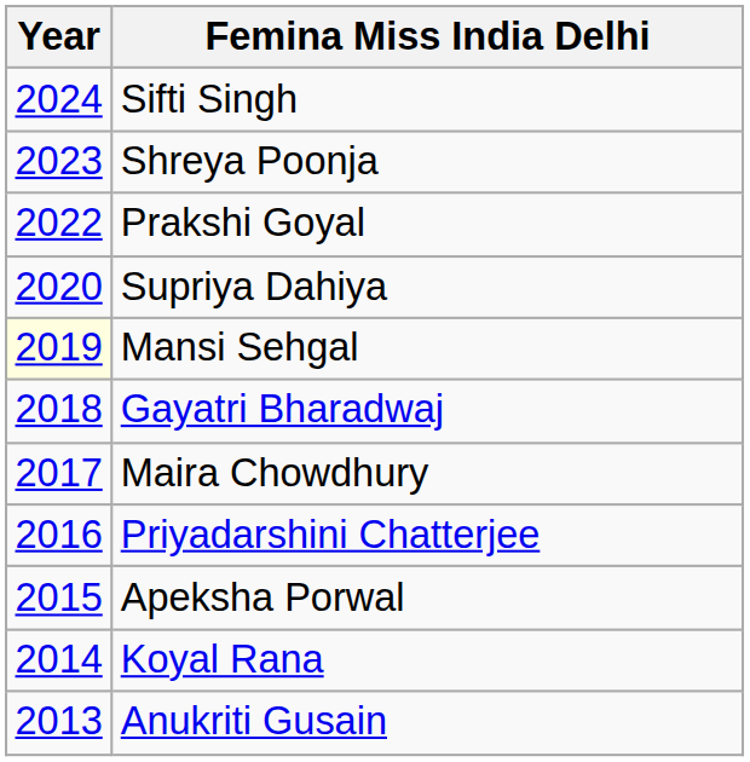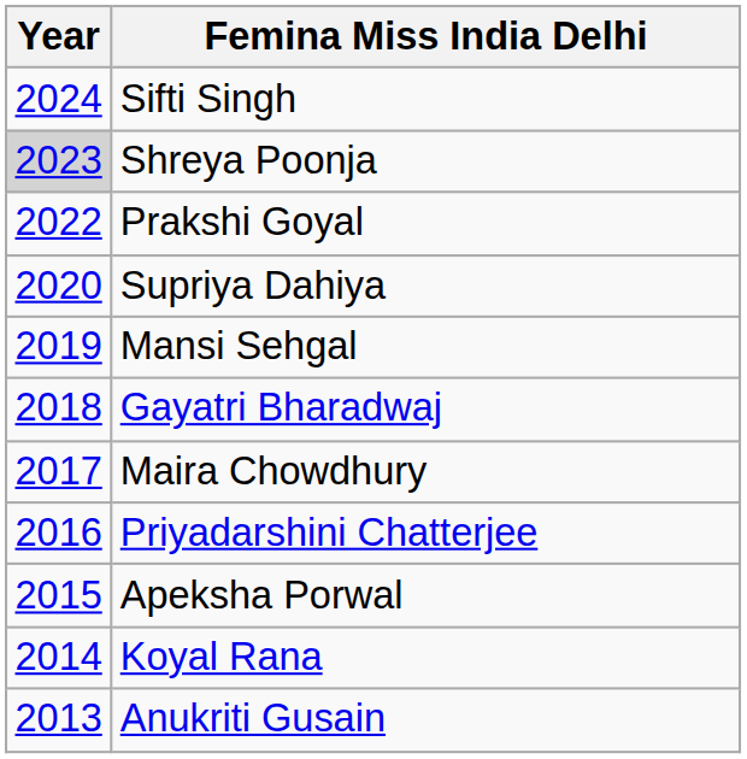 <table class="wikitable">
 <tr>
 <th>Year</th>
 <th width=250>Femina Miss India Delhi</th>
 </tr>
 <tr>
 <td><a href='#'>2024</a></td>
 <td>Sifti Singh</td>
 </tr>
 <tr>
-<td><a href='#'>2023</a></td>
+<td style="background: lightgrey;"><a href='#'>2023</a></td>
 <td>Shreya Poonja</td>
 </tr>
 <tr>
 <td><a href='#'>2022</a></td>
 <td>Prakshi Goyal</td>
 </tr>
 <tr>
 <td><a href='#'>2020</a></td>
 <td>Supriya Dahiya</td>
 </tr>
 <tr>
-<td style="background: lightyellow;"><a href='#'>2019</a></td>
+<td><a href='#'>2019</a></td>
 <td>Mansi Sehgal</td>
 </tr>
 <tr>
 <td><a href='#'>2018</a></td>
 <td><a href='#'>Gayatri Bharadwaj</a></td>
 </tr>
 <tr>
 <td><a href='#'>2017</a></td>
 <td>Maira Chowdhury</td>
 </tr>
 <tr>
 <td><a href='#'>2016</a></td>
 <td><a href='#'>Priyadarshini Chatterjee</a></td>
 </tr>
 <tr>
 <td><a href='#'>2015</a></td>
 <td>Apeksha Porwal</td>
 </tr>
 <tr>
 <td><a href='#'>2014</a></td>
 <td><a href='#'>Koyal Rana</a></td>
 </tr>
 <tr>
 <td><a href='#'>2013</a></td>
 <td><a href='#'>Anukriti Gusain</a></td>
 </tr>
 </table>
